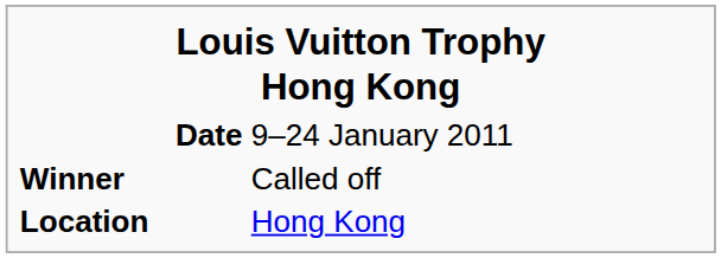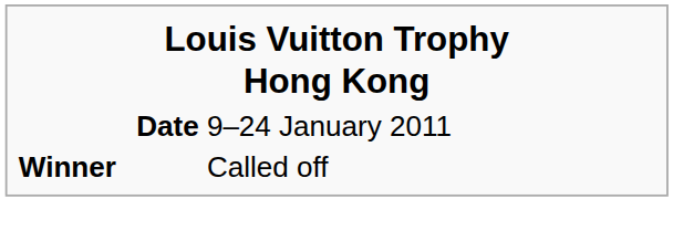 <table class="infobox" style="width: 23em; font-size: 90%">
 <tr>
 <th colspan="2" style="text-align: center; font-size: larger;"><strong>Louis Vuitton Trophy</strong><br><strong>Hong Kong</strong></th>
 </tr>
 <tr>
 <td style="text-align: right;"><strong>Date</strong></td>
 <td>9–24 January 2011</td>
 </tr>
 <tr>
 <td><strong>Winner</strong></td>
 <td>Called off</td>
 </tr>
-<tr>
-<td><strong>Location</strong></td>
-<td><a href='#'>Hong Kong</a></td>
-</tr>
 </table>
